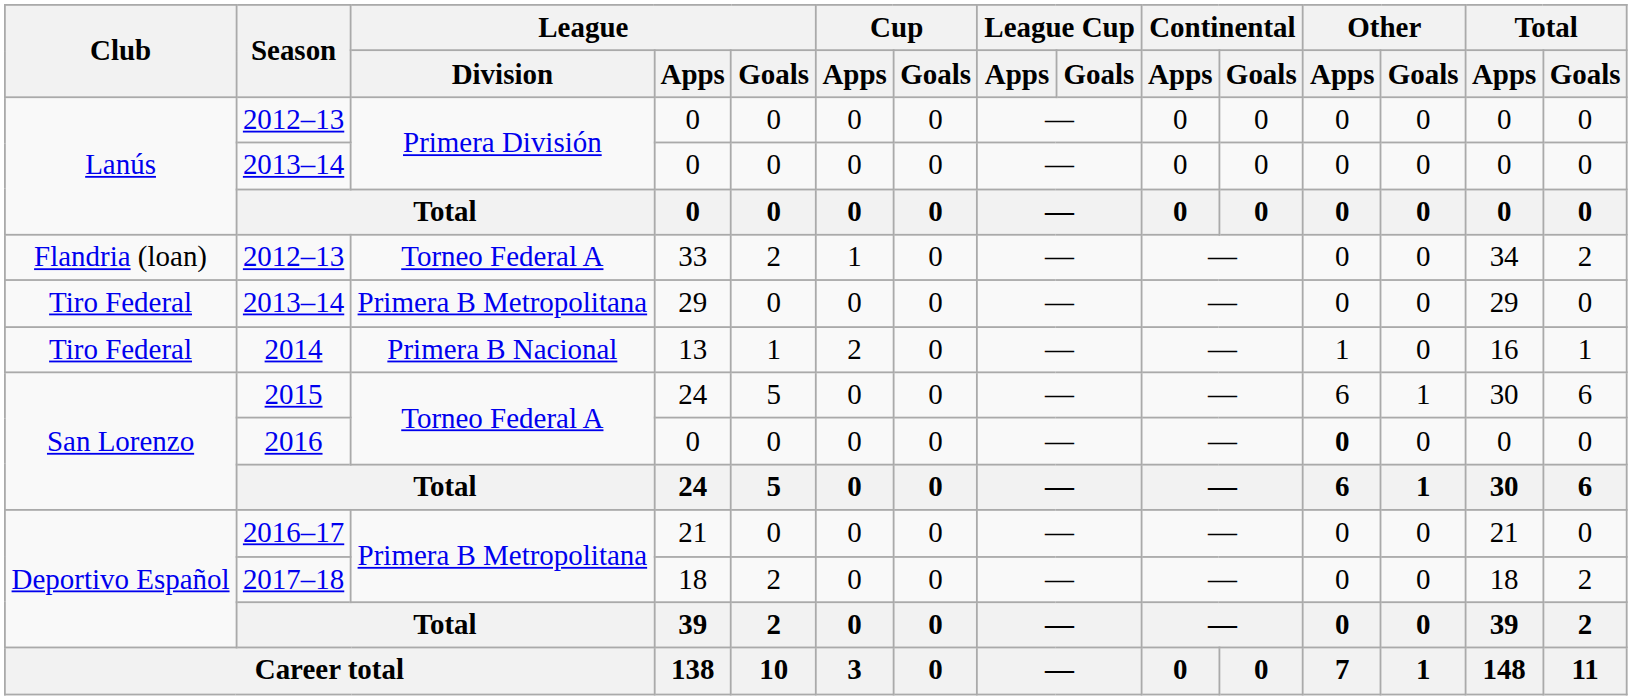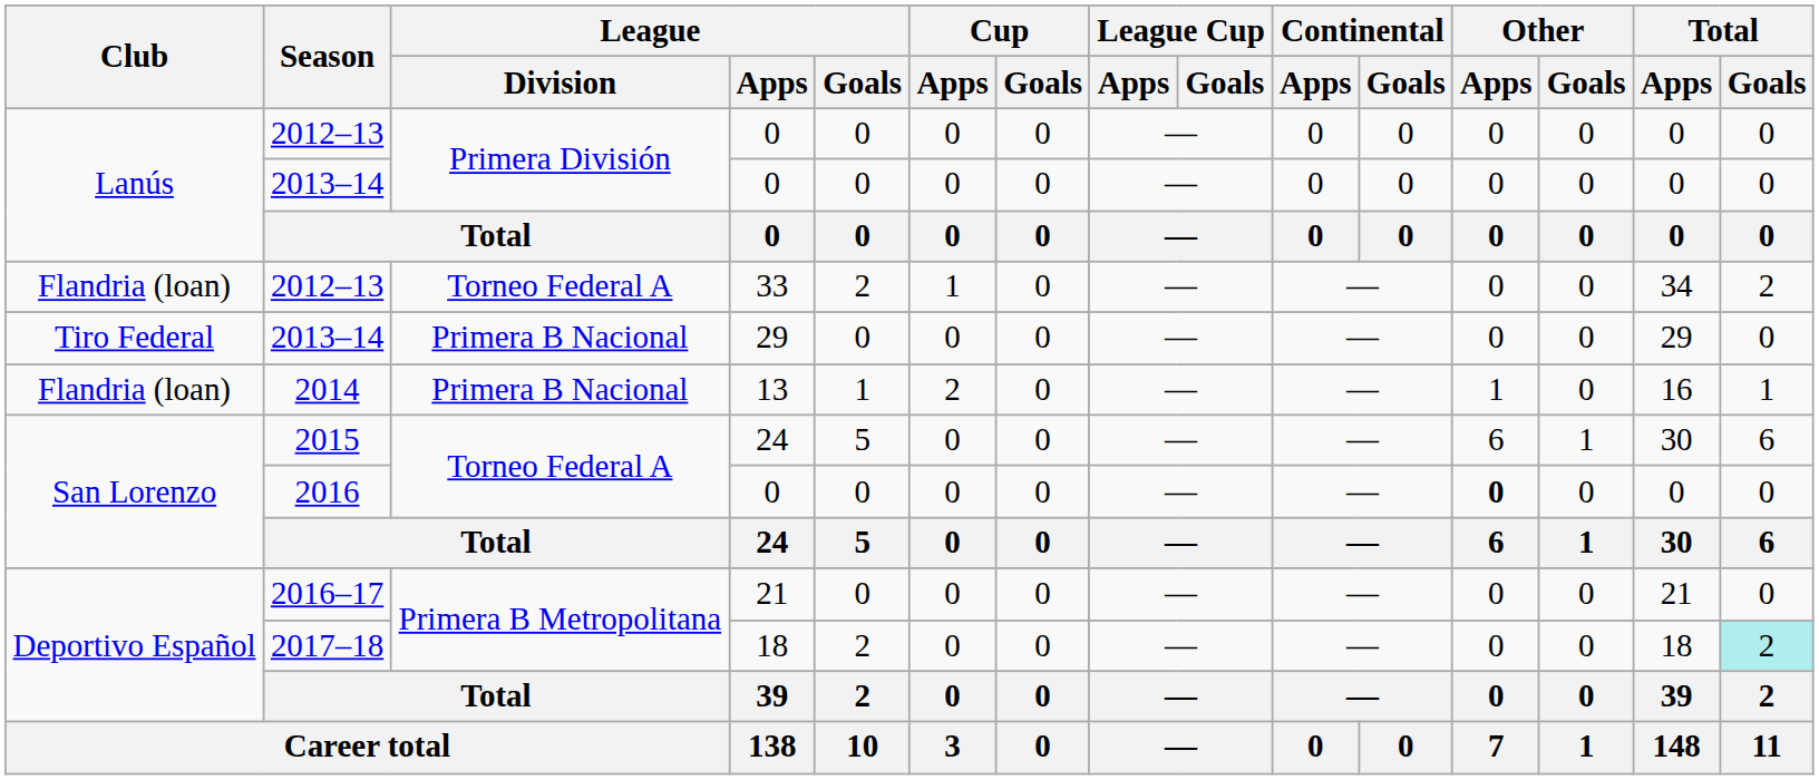 <table class="wikitable" style="text-align:center">
 <tr>
 <th rowspan="2">Club</th>
 <th rowspan="2">Season</th>
 <th colspan="3">League</th>
 <th colspan="2">Cup</th>
 <th colspan="2">League Cup</th>
 <th colspan="2">Continental</th>
 <th colspan="2">Other</th>
 <th colspan="2">Total</th>
 </tr>
 <tr>
 <th>Division</th>
 <th>Apps</th>
 <th>Goals</th>
 <th>Apps</th>
 <th>Goals</th>
 <th>Apps</th>
 <th>Goals</th>
 <th>Apps</th>
 <th>Goals</th>
 <th>Apps</th>
 <th>Goals</th>
 <th>Apps</th>
 <th>Goals</th>
 </tr>
 <tr>
 <td rowspan="3"><a href='#'>Lanús</a></td>
 <td><a href='#'>2012–13</a></td>
 <td rowspan="2"><a href='#'>Primera División</a></td>
 <td>0</td>
 <td>0</td>
 <td>0</td>
 <td>0</td>
 <td colspan="2">—</td>
 <td>0</td>
 <td>0</td>
 <td>0</td>
 <td>0</td>
 <td>0</td>
 <td>0</td>
 </tr>
 <tr>
 <td><a href='#'>2013–14</a></td>
 <td>0</td>
 <td>0</td>
 <td>0</td>
 <td>0</td>
 <td colspan="2">—</td>
 <td>0</td>
 <td>0</td>
 <td>0</td>
 <td>0</td>
 <td>0</td>
 <td>0</td>
 </tr>
 <tr>
 <th colspan="2">Total</th>
 <th>0</th>
 <th>0</th>
 <th>0</th>
 <th>0</th>
 <th colspan="2">—</th>
 <th>0</th>
 <th>0</th>
 <th>0</th>
 <th>0</th>
 <th>0</th>
 <th>0</th>
 </tr>
 <tr>
 <td rowspan="1"><a href='#'>Flandria</a> (loan)</td>
 <td><a href='#'>2012–13</a></td>
 <td rowspan="1"><a href='#'>Torneo Federal A</a></td>
 <td>33</td>
 <td>2</td>
 <td>1</td>
 <td>0</td>
 <td colspan="2">—</td>
 <td colspan="2">—</td>
 <td>0</td>
 <td>0</td>
 <td>34</td>
 <td>2</td>
 </tr>
 <tr>
 <td rowspan="1"><a href='#'>Tiro Federal</a></td>
 <td><a href='#'>2013–14</a></td>
-<td rowspan="1"><a href='#'>Primera B Metropolitana</a></td>
+<td rowspan="1"><a href='#'>Primera B Nacional</a></td>
 <td>29</td>
 <td>0</td>
 <td>0</td>
 <td>0</td>
 <td colspan="2">—</td>
 <td colspan="2">—</td>
 <td>0</td>
 <td>0</td>
 <td>29</td>
 <td>0</td>
 </tr>
 <tr>
-<td rowspan="1"><a href='#'>Tiro Federal</a></td>
+<td rowspan="1"><a href='#'>Flandria</a> (loan)</td>
 <td><a href='#'>2014</a></td>
 <td rowspan="1"><a href='#'>Primera B Nacional</a></td>
 <td>13</td>
 <td>1</td>
 <td>2</td>
 <td>0</td>
 <td colspan="2">—</td>
 <td colspan="2">—</td>
 <td>1</td>
 <td>0</td>
 <td>16</td>
 <td>1</td>
 </tr>
 <tr>
 <td rowspan="3"><a href='#'>San Lorenzo</a></td>
 <td><a href='#'>2015</a></td>
 <td rowspan="2"><a href='#'>Torneo Federal A</a></td>
 <td>24</td>
 <td>5</td>
 <td>0</td>
 <td>0</td>
 <td colspan="2">—</td>
 <td colspan="2">—</td>
 <td>6</td>
 <td>1</td>
 <td>30</td>
 <td>6</td>
 </tr>
 <tr>
 <td><a href='#'>2016</a></td>
 <td>0</td>
 <td>0</td>
 <td>0</td>
 <td>0</td>
 <td colspan="2">—</td>
 <td colspan="2">—</td>
 <td><strong>0</strong></td>
 <td>0</td>
 <td>0</td>
 <td>0</td>
 </tr>
 <tr>
 <th colspan="2">Total</th>
 <th>24</th>
 <th>5</th>
 <th>0</th>
 <th>0</th>
 <th colspan="2">—</th>
 <th colspan="2">—</th>
 <th>6</th>
 <th>1</th>
 <th>30</th>
 <th>6</th>
 </tr>
 <tr>
 <td rowspan="3"><a href='#'>Deportivo Español</a></td>
 <td><a href='#'>2016–17</a></td>
 <td rowspan="2"><a href='#'>Primera B Metropolitana</a></td>
 <td>21</td>
 <td>0</td>
 <td>0</td>
 <td>0</td>
 <td colspan="2">—</td>
 <td colspan="2">—</td>
 <td>0</td>
 <td>0</td>
 <td>21</td>
 <td>0</td>
 </tr>
 <tr>
 <td><a href='#'>2017–18</a></td>
 <td>18</td>
 <td>2</td>
 <td>0</td>
 <td>0</td>
 <td colspan="2">—</td>
 <td colspan="2">—</td>
 <td>0</td>
 <td>0</td>
 <td>18</td>
-<td>2</td>
+<td style="background: paleturquoise;">2</td>
 </tr>
 <tr>
 <th colspan="2">Total</th>
 <th>39</th>
 <th>2</th>
 <th>0</th>
 <th>0</th>
 <th colspan="2">—</th>
 <th colspan="2">—</th>
 <th>0</th>
 <th>0</th>
 <th>39</th>
 <th>2</th>
 </tr>
 <tr>
 <th colspan="3">Career total</th>
 <th>138</th>
 <th>10</th>
 <th>3</th>
 <th>0</th>
 <th colspan="2">—</th>
 <th>0</th>
 <th>0</th>
 <th>7</th>
 <th>1</th>
 <th>148</th>
 <th>11</th>
 </tr>
 </table>
